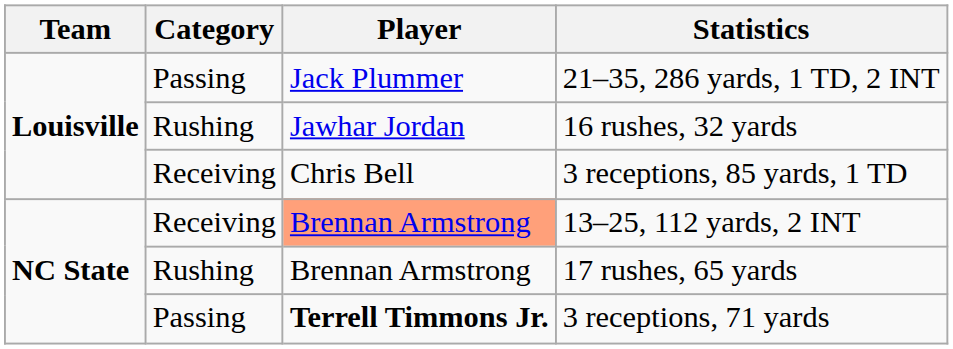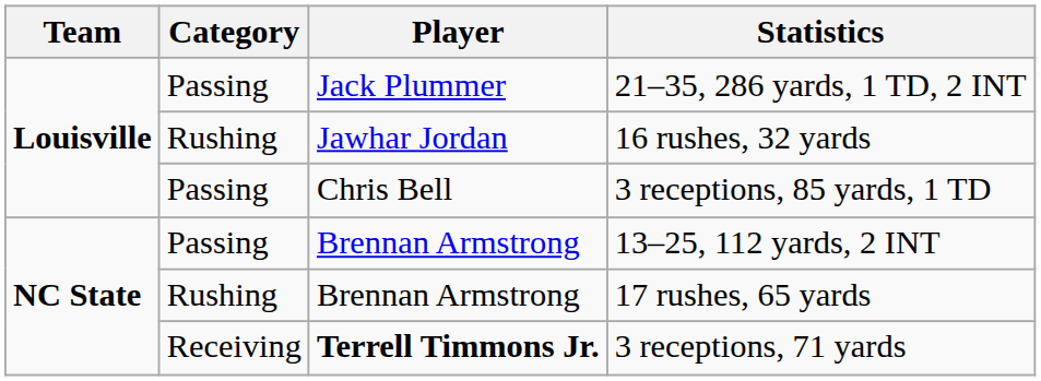 <table class="wikitable" style="float: left;">
 <tr>
 <th>Team</th>
 <th>Category</th>
 <th>Player</th>
 <th>Statistics</th>
 </tr>
 <tr>
 <td rowspan=3><strong>Louisville</strong></td>
 <td>Passing</td>
 <td><a href='#'>Jack Plummer</a></td>
 <td>21–35, 286 yards, 1 TD, 2 INT</td>
 </tr>
 <tr>
 <td>Rushing</td>
 <td><a href='#'>Jawhar Jordan</a></td>
 <td>16 rushes, 32 yards</td>
 </tr>
 <tr>
-<td>Receiving</td>
+<td>Passing</td>
 <td>Chris Bell</td>
 <td>3 receptions, 85 yards, 1 TD</td>
 </tr>
 <tr>
 <td rowspan=3><strong>NC State</strong></td>
-<td>Receiving</td>
-<td style="background: lightsalmon;"><a href='#'>Brennan Armstrong</a></td>
+<td>Passing</td>
+<td><a href='#'>Brennan Armstrong</a></td>
 <td>13–25, 112 yards, 2 INT</td>
 </tr>
 <tr>
 <td>Rushing</td>
 <td>Brennan Armstrong</td>
 <td>17 rushes, 65 yards</td>
 </tr>
 <tr>
-<td>Passing</td>
+<td>Receiving</td>
 <td><strong>Terrell Timmons Jr.</strong></td>
 <td>3 receptions, 71 yards</td>
 </tr>
 </table>
